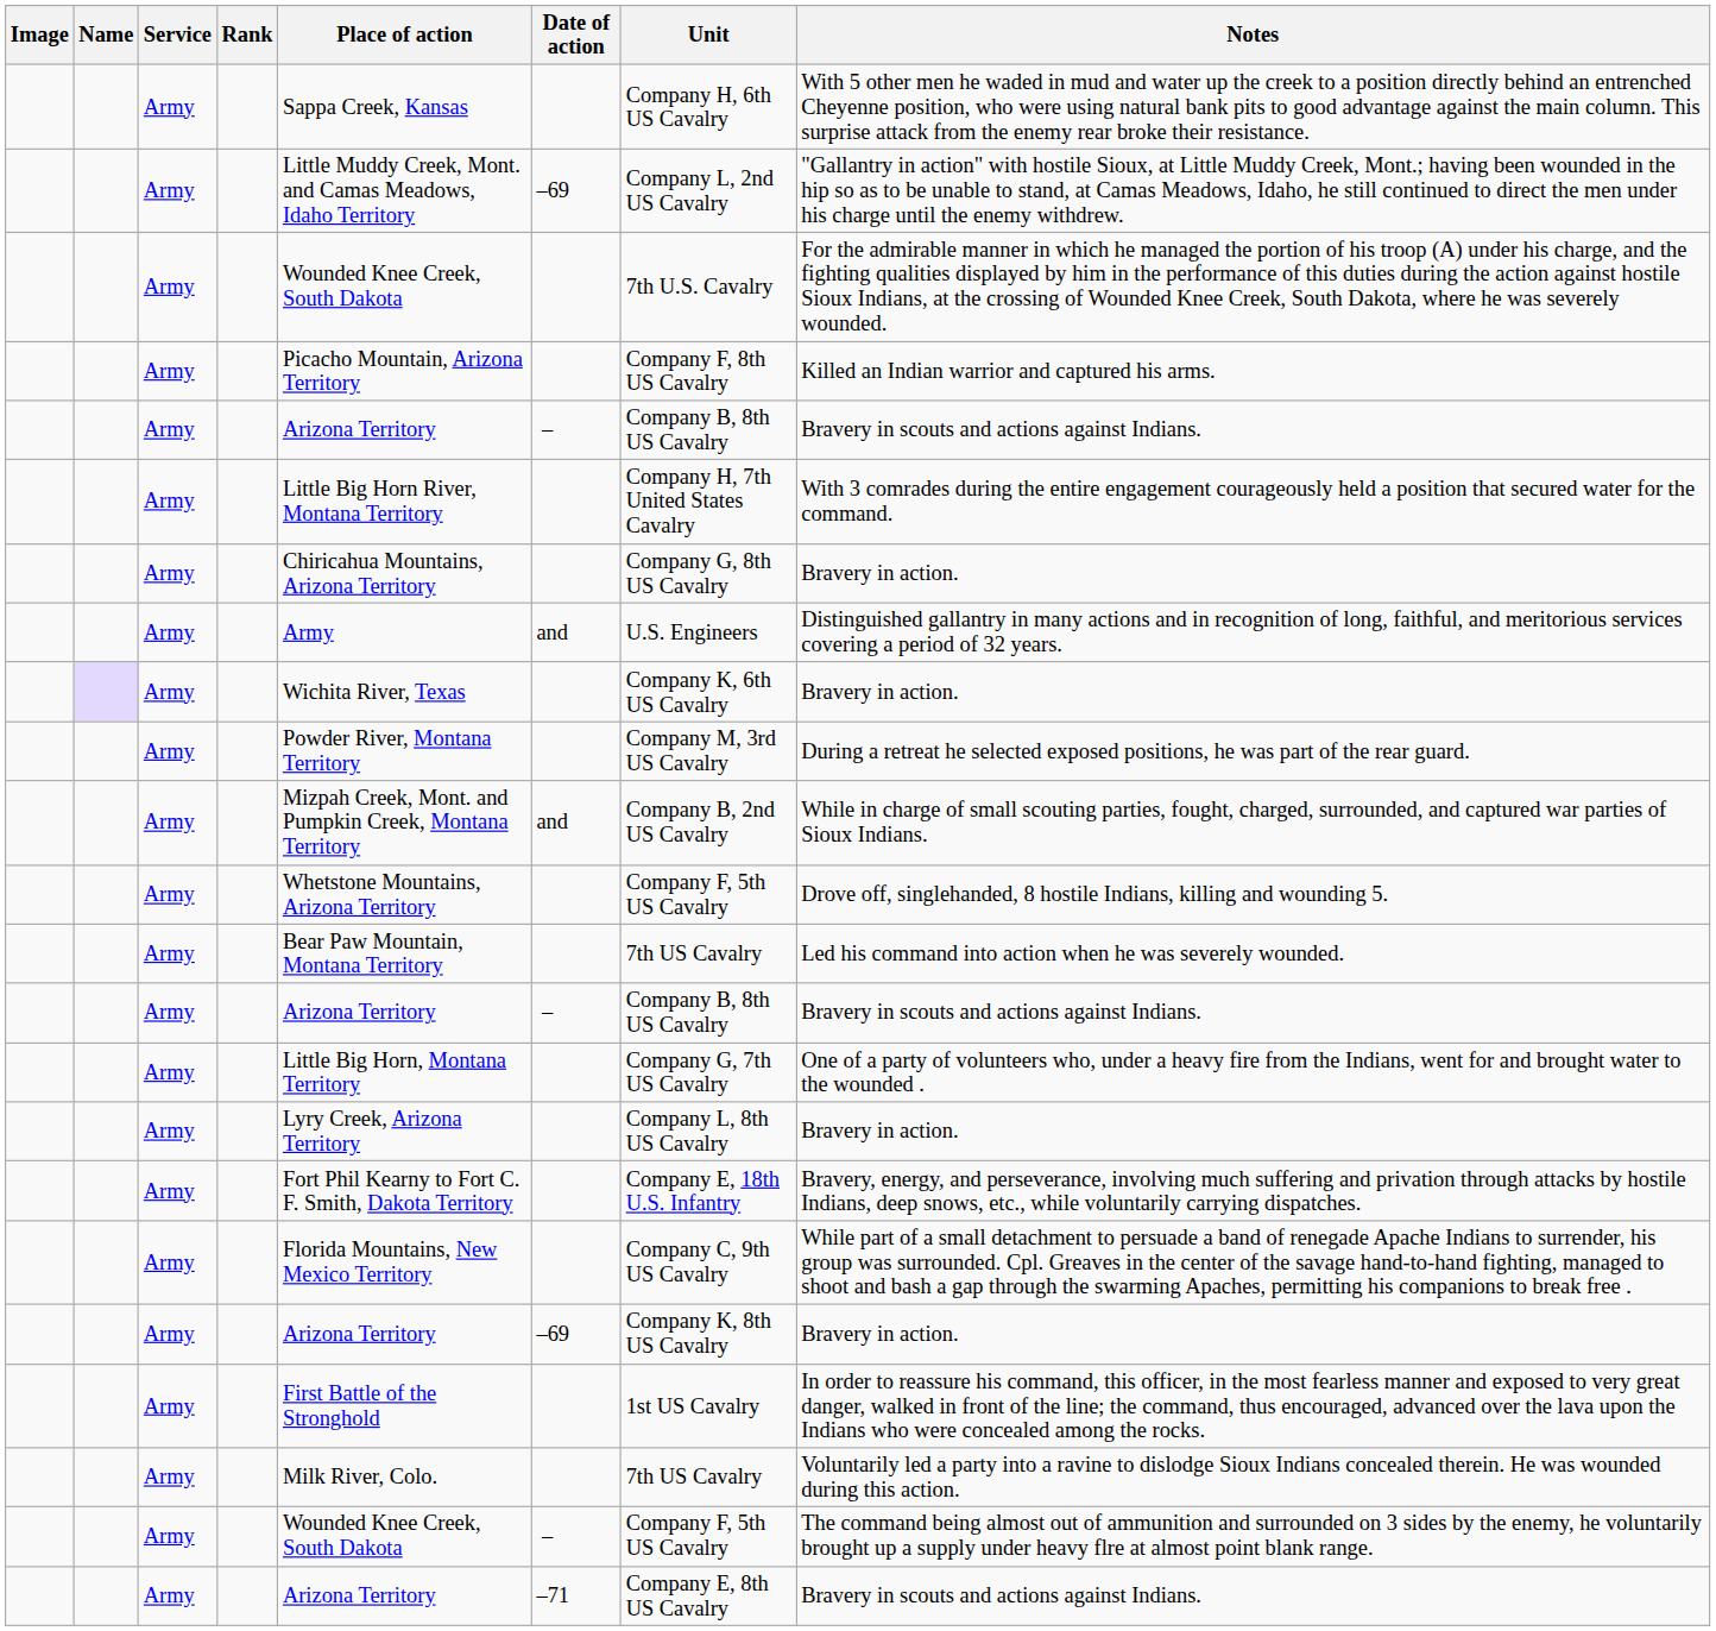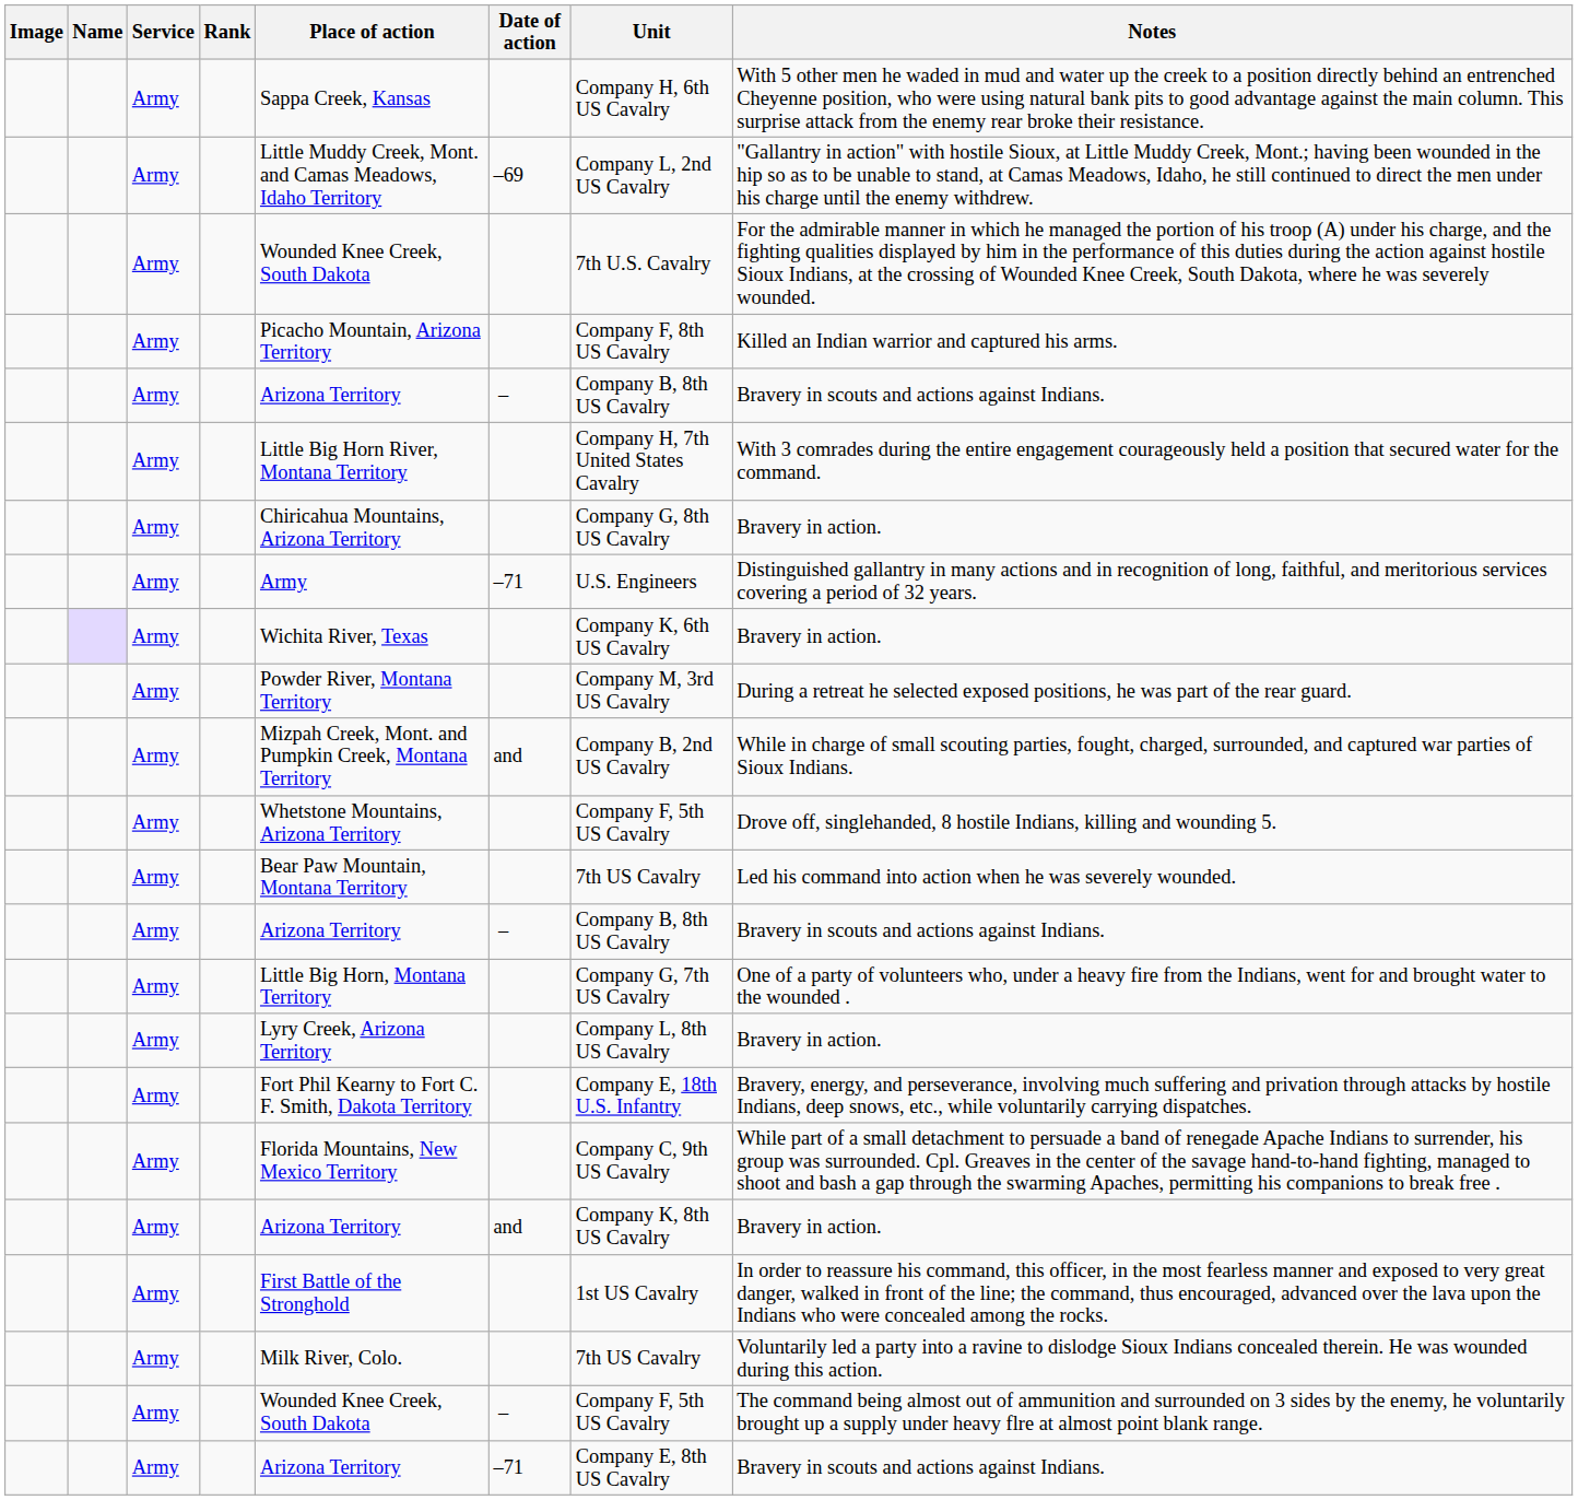 <table class="wikitable sortable">
 <tr>
 <th class="unsortable">Image</th>
 <th>Name</th>
 <th>Service</th>
 <th>Rank</th>
 <th>Place of action</th>
 <th>Date of action</th>
 <th>Unit</th>
 <th class="unsortable">Notes</th>
 </tr>
 <tr>
 <td></td>
 <td></td>
 <td><a href='#'>Army</a></td>
 <td></td>
 <td>Sappa Creek, <a href='#'>Kansas</a></td>
 <td></td>
 <td>Company H, 6th US Cavalry</td>
 <td>With 5 other men he waded in mud and water up the creek to a position directly behind an entrenched Cheyenne position, who were using natural bank pits to good advantage against the main column. This surprise attack from the enemy rear broke their resistance.</td>
 </tr>
 <tr>
 <td></td>
 <td></td>
 <td><a href='#'>Army</a></td>
 <td></td>
 <td>Little Muddy Creek, Mont. and Camas Meadows, <a href='#'>Idaho Territory</a></td>
 <td>–69</td>
 <td>Company L, 2nd US Cavalry</td>
 <td>"Gallantry in action" with hostile Sioux, at Little Muddy Creek, Mont.; having been wounded in the hip so as to be unable to stand, at Camas Meadows, Idaho, he still continued to direct the men under his charge until the enemy withdrew.</td>
 </tr>
 <tr>
 <td></td>
 <td></td>
 <td><a href='#'>Army</a></td>
 <td></td>
 <td>Wounded Knee Creek, <a href='#'>South Dakota</a></td>
 <td></td>
 <td>7th U.S. Cavalry</td>
 <td>For the admirable manner in which he managed the portion of his troop (A) under his charge, and the fighting qualities displayed by him in the performance of this duties during the action against hostile Sioux Indians, at the crossing of Wounded Knee Creek, South Dakota, where he was severely wounded.</td>
 </tr>
 <tr>
 <td></td>
 <td></td>
 <td><a href='#'>Army</a></td>
 <td></td>
 <td>Picacho Mountain, <a href='#'>Arizona Territory</a></td>
 <td></td>
 <td>Company F, 8th US Cavalry</td>
 <td>Killed an Indian warrior and captured his arms.</td>
 </tr>
 <tr>
 <td></td>
 <td></td>
 <td><a href='#'>Army</a></td>
 <td></td>
 <td><a href='#'>Arizona Territory</a></td>
 <td> – </td>
 <td>Company B, 8th US Cavalry</td>
 <td>Bravery in scouts and actions against Indians.</td>
 </tr>
 <tr>
 <td></td>
 <td></td>
 <td><a href='#'>Army</a></td>
 <td></td>
 <td>Little Big Horn River, <a href='#'>Montana Territory</a></td>
 <td></td>
 <td>Company H, 7th United States Cavalry</td>
 <td>With 3 comrades during the entire engagement courageously held a position that secured water for the command.</td>
 </tr>
 <tr>
 <td></td>
 <td></td>
 <td><a href='#'>Army</a></td>
 <td></td>
 <td>Chiricahua Mountains, <a href='#'>Arizona Territory</a></td>
 <td></td>
 <td>Company G, 8th US Cavalry</td>
 <td>Bravery in action.</td>
 </tr>
 <tr>
 <td></td>
 <td></td>
 <td><a href='#'>Army</a></td>
 <td></td>
 <td><a href='#'>Army</a></td>
-<td> and </td>
+<td>–71</td>
 <td>U.S. Engineers</td>
 <td>Distinguished gallantry in many actions and in recognition of long, faithful, and meritorious services covering a period of 32 years.</td>
 </tr>
 <tr>
 <td></td>
 <td style="background:#e3d9ff;"></td>
 <td><a href='#'>Army</a></td>
 <td></td>
 <td>Wichita River, <a href='#'>Texas</a></td>
 <td></td>
 <td>Company K, 6th US Cavalry</td>
 <td>Bravery in action.</td>
 </tr>
 <tr>
 <td></td>
 <td></td>
 <td><a href='#'>Army</a></td>
 <td></td>
 <td>Powder River, <a href='#'>Montana Territory</a></td>
 <td></td>
 <td>Company M, 3rd US Cavalry</td>
 <td>During a retreat he selected exposed positions, he was part of the rear guard.</td>
 </tr>
 <tr>
 <td></td>
 <td></td>
 <td><a href='#'>Army</a></td>
 <td></td>
 <td>Mizpah Creek, Mont. and Pumpkin Creek, <a href='#'>Montana Territory</a></td>
 <td> and </td>
 <td>Company B, 2nd US Cavalry</td>
 <td>While in charge of small scouting parties, fought, charged, surrounded, and captured war parties of Sioux Indians.</td>
 </tr>
 <tr>
 <td></td>
 <td></td>
 <td><a href='#'>Army</a></td>
 <td></td>
 <td>Whetstone Mountains, <a href='#'>Arizona Territory</a></td>
 <td></td>
 <td>Company F, 5th US Cavalry</td>
 <td>Drove off, singlehanded, 8 hostile Indians, killing and wounding 5.</td>
 </tr>
 <tr>
 <td></td>
 <td></td>
 <td><a href='#'>Army</a></td>
 <td></td>
 <td>Bear Paw Mountain, <a href='#'>Montana Territory</a></td>
 <td></td>
 <td>7th US Cavalry</td>
 <td>Led his command into action when he was severely wounded.</td>
 </tr>
 <tr>
 <td></td>
 <td></td>
 <td><a href='#'>Army</a></td>
 <td></td>
 <td><a href='#'>Arizona Territory</a></td>
 <td> – </td>
 <td>Company B, 8th US Cavalry</td>
 <td>Bravery in scouts and actions against Indians.</td>
 </tr>
 <tr>
 <td></td>
 <td></td>
 <td><a href='#'>Army</a></td>
 <td></td>
 <td>Little Big Horn, <a href='#'>Montana Territory</a></td>
 <td></td>
 <td>Company G, 7th US Cavalry</td>
 <td>One of a party of volunteers who, under a heavy fire from the Indians, went for and brought water to the wounded .</td>
 </tr>
 <tr>
 <td></td>
 <td></td>
 <td><a href='#'>Army</a></td>
 <td></td>
 <td>Lyry Creek, <a href='#'>Arizona Territory</a></td>
 <td></td>
 <td>Company L, 8th US Cavalry</td>
 <td>Bravery in action.</td>
 </tr>
 <tr>
 <td></td>
 <td></td>
 <td><a href='#'>Army</a></td>
 <td></td>
 <td>Fort Phil Kearny to Fort C. F. Smith, <a href='#'>Dakota Territory</a></td>
 <td></td>
 <td>Company E, <a href='#'>18th U.S. Infantry</a></td>
 <td>Bravery, energy, and perseverance, involving much suffering and privation through attacks by hostile Indians, deep snows, etc., while voluntarily carrying dispatches.</td>
 </tr>
 <tr>
 <td></td>
 <td></td>
 <td><a href='#'>Army</a></td>
 <td></td>
 <td>Florida Mountains, <a href='#'>New Mexico Territory</a></td>
 <td></td>
 <td>Company C, 9th US Cavalry</td>
 <td>While part of a small detachment to persuade a band of renegade Apache Indians to surrender, his group was surrounded. Cpl. Greaves in the center of the savage hand-to-hand fighting, managed to shoot and bash a gap through the swarming Apaches, permitting his companions to break free .</td>
 </tr>
 <tr>
 <td></td>
 <td></td>
 <td><a href='#'>Army</a></td>
 <td></td>
 <td><a href='#'>Arizona Territory</a></td>
-<td>–69</td>
+<td> and </td>
 <td>Company K, 8th US Cavalry</td>
 <td>Bravery in action.</td>
 </tr>
 <tr>
 <td></td>
 <td></td>
 <td><a href='#'>Army</a></td>
 <td></td>
 <td><a href='#'>First Battle of the Stronghold</a></td>
 <td></td>
 <td>1st US Cavalry</td>
 <td>In order to reassure his command, this officer, in the most fearless manner and exposed to very great danger, walked in front of the line; the command, thus encouraged, advanced over the lava upon the Indians who were concealed among the rocks.</td>
 </tr>
 <tr>
 <td></td>
 <td></td>
 <td><a href='#'>Army</a></td>
 <td></td>
 <td>Milk River, Colo.</td>
 <td></td>
 <td>7th US Cavalry</td>
 <td>Voluntarily led a party into a ravine to dislodge Sioux Indians concealed therein. He was wounded during this action.</td>
 </tr>
 <tr>
 <td></td>
 <td></td>
 <td><a href='#'>Army</a></td>
 <td></td>
 <td>Wounded Knee Creek, <a href='#'>South Dakota</a></td>
 <td> – </td>
 <td>Company F, 5th US Cavalry</td>
 <td>The command being almost out of ammunition and surrounded on 3 sides by the enemy, he voluntarily brought up a supply under heavy flre at almost point blank range.</td>
 </tr>
 <tr>
 <td></td>
 <td></td>
 <td><a href='#'>Army</a></td>
 <td></td>
 <td><a href='#'>Arizona Territory</a></td>
 <td>–71</td>
 <td>Company E, 8th US Cavalry</td>
 <td>Bravery in scouts and actions against Indians.</td>
 </tr>
 </table>
